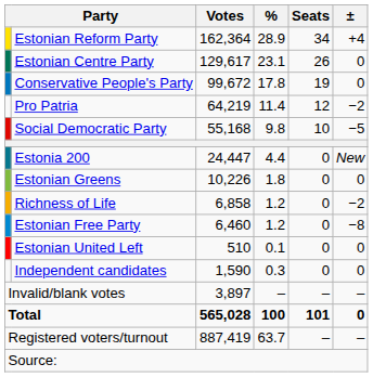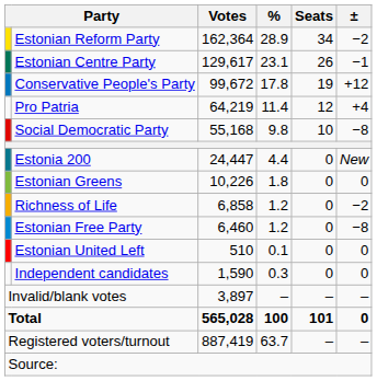 <table class=wikitable style=text-align:right>
 <tr>
 <th colspan=2>Party</th>
 <th>Votes</th>
 <th>%</th>
 <th>Seats</th>
 <th>±</th>
 </tr>
 <tr>
 <td style="background:#FFE200"></td>
 <td align=left><a href='#'>Estonian Reform Party</a></td>
 <td>162,364</td>
 <td>28.9</td>
 <td>34</td>
-<td>+4</td>
+<td>−2</td>
 </tr>
 <tr>
 <td style="background:#007557"></td>
 <td align=left><a href='#'>Estonian Centre Party</a></td>
 <td>129,617</td>
 <td>23.1</td>
 <td>26</td>
-<td>0</td>
+<td>−1</td>
 </tr>
 <tr>
 <td style="background:#0077BD"></td>
 <td align=left><a href='#'>Conservative People's Party</a></td>
 <td>99,672</td>
 <td>17.8</td>
 <td>19</td>
-<td>0</td>
+<td>+12</td>
 </tr>
 <tr>
 <td style="background:"></td>
 <td align=left><a href='#'>Pro Patria</a></td>
 <td>64,219</td>
 <td>11.4</td>
 <td>12</td>
-<td>−2</td>
+<td>+4</td>
 </tr>
 <tr>
 <td style="background:#E10600"></td>
 <td align=left><a href='#'>Social Democratic Party</a></td>
 <td>55,168</td>
 <td>9.8</td>
 <td>10</td>
-<td>−5</td>
+<td>−8</td>
 </tr>
 <tr>
 <th colspan=6></th>
 </tr>
 <tr>
 <td style="background:#06778d"></td>
 <td align=left><a href='#'>Estonia 200</a></td>
 <td>24,447</td>
 <td>4.4</td>
 <td>0</td>
 <td><em>New</em></td>
 </tr>
 <tr>
 <td style="background:#80bb3d"></td>
 <td align=left><a href='#'>Estonian Greens</a></td>
 <td>10,226</td>
 <td>1.8</td>
 <td>0</td>
 <td>0</td>
 </tr>
 <tr>
 <td style="background:#F6AE00"></td>
 <td align=left><a href='#'>Richness of Life</a></td>
 <td>6,858</td>
 <td>1.2</td>
 <td>0</td>
 <td>−2</td>
 </tr>
 <tr>
 <td style="background:#0089d1"></td>
 <td align=left><a href='#'>Estonian Free Party</a></td>
 <td>6,460</td>
 <td>1.2</td>
 <td>0</td>
 <td>−8</td>
 </tr>
 <tr>
 <td style="background:#ff0000"></td>
 <td align=left><a href='#'>Estonian United Left</a></td>
 <td>510</td>
 <td>0.1</td>
 <td>0</td>
 <td>0</td>
 </tr>
 <tr>
 <td style="background:"></td>
 <td align=left><a href='#'>Independent candidates</a></td>
 <td>1,590</td>
 <td>0.3</td>
 <td>0</td>
 <td>0</td>
 </tr>
 <tr>
 <td align=left colspan=2>Invalid/blank votes</td>
 <td>3,897</td>
 <td>–</td>
 <td>–</td>
 <td>–</td>
 </tr>
 <tr>
 <td align=left colspan=2><strong>Total</strong></td>
 <td><strong>565,028</strong></td>
 <td><strong>100</strong></td>
 <td><strong>101</strong></td>
 <td><strong>0</strong></td>
 </tr>
 <tr>
 <td align=left colspan=2>Registered voters/turnout</td>
 <td>887,419</td>
 <td>63.7</td>
 <td>–</td>
 <td>–</td>
 </tr>
 <tr>
 <td align=left colspan=6>Source: </td>
 </tr>
 </table>
